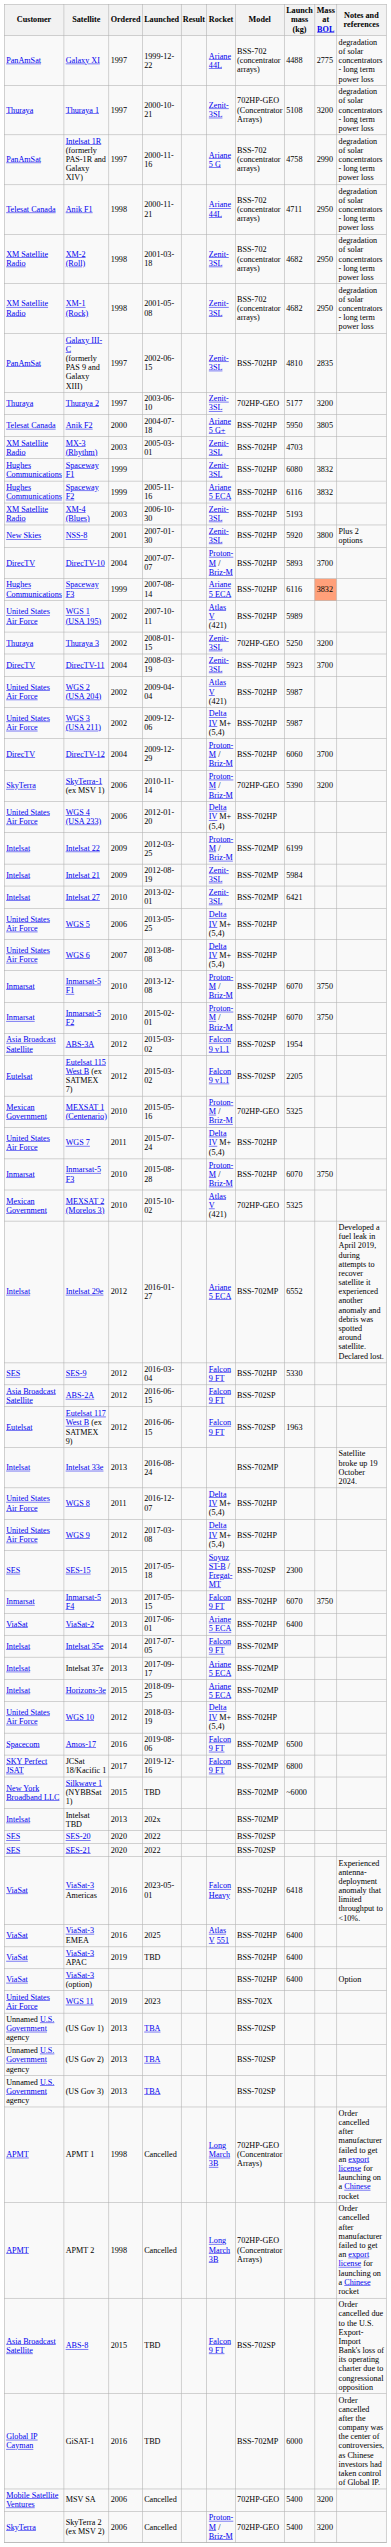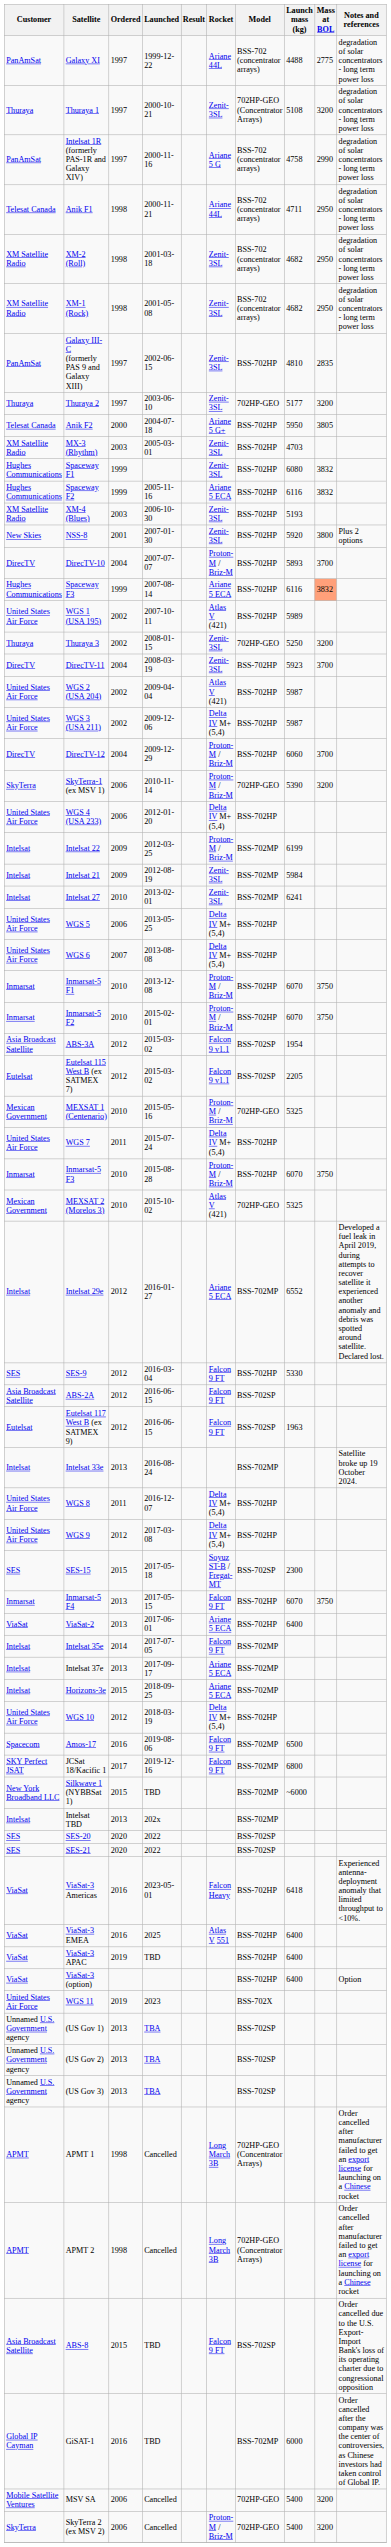 <table class="wikitable sortable mw-collapsible mw-collapsed">
 <tr>
 <th>Customer</th>
 <th>Satellite</th>
 <th>Ordered</th>
 <th>Launched</th>
 <th>Result</th>
 <th>Rocket</th>
 <th>Model</th>
 <th>Launch mass (kg)</th>
 <th>Mass at <a href='#'>BOL</a></th>
 <th>Notes and references</th>
 </tr>
 <tr>
 <td><a href='#'>PanAmSat</a></td>
 <td><a href='#'>Galaxy XI</a></td>
 <td>1997</td>
 <td>1999-12-22</td>
 <td></td>
 <td><a href='#'>Ariane 44L</a></td>
 <td>BSS-702 (concentrator arrays)</td>
 <td>4488</td>
 <td>2775</td>
 <td>degradation of solar concentrators - long term power loss </td>
 </tr>
 <tr>
 <td><a href='#'>Thuraya</a></td>
 <td><a href='#'>Thuraya 1</a></td>
 <td>1997</td>
 <td>2000-10-21</td>
 <td></td>
 <td><a href='#'>Zenit-3SL</a></td>
 <td>702HP-GEO (Concentrator Arrays)</td>
 <td>5108</td>
 <td>3200</td>
 <td>degradation of solar concentrators - long term power loss</td>
 </tr>
 <tr>
 <td><a href='#'>PanAmSat</a></td>
 <td><a href='#'>Intelsat 1R</a><br>(formerly PAS-1R and Galaxy XIV)</td>
 <td>1997</td>
 <td>2000-11-16</td>
 <td></td>
 <td><a href='#'>Ariane 5 G</a></td>
 <td>BSS-702 (concentrator arrays)</td>
 <td>4758</td>
 <td>2990</td>
 <td>degradation of solar concentrators - long term power loss</td>
 </tr>
 <tr>
 <td><a href='#'>Telesat Canada</a></td>
 <td><a href='#'>Anik F1</a></td>
 <td>1998</td>
 <td>2000-11-21</td>
 <td></td>
 <td><a href='#'>Ariane 44L</a></td>
 <td>BSS-702 (concentrator arrays)</td>
 <td>4711</td>
 <td>2950</td>
 <td>degradation of solar concentrators - long term power loss</td>
 </tr>
 <tr>
 <td><a href='#'>XM Satellite Radio</a></td>
 <td><a href='#'>XM-2 (Roll)</a></td>
 <td>1998</td>
 <td>2001-03-18</td>
 <td></td>
 <td><a href='#'>Zenit-3SL</a></td>
 <td>BSS-702 (concentrator arrays)</td>
 <td>4682</td>
 <td>2950</td>
 <td>degradation of solar concentrators - long term power loss</td>
 </tr>
 <tr>
 <td><a href='#'>XM Satellite Radio</a></td>
 <td><a href='#'>XM-1 (Rock)</a></td>
 <td>1998</td>
 <td>2001-05-08</td>
 <td></td>
 <td><a href='#'>Zenit-3SL</a></td>
 <td>BSS-702 (concentrator arrays)</td>
 <td>4682</td>
 <td>2950</td>
 <td>degradation of solar concentrators - long term power loss</td>
 </tr>
 <tr>
 <td><a href='#'>PanAmSat</a></td>
 <td><a href='#'>Galaxy III-C</a><br>(formerly PAS 9 and Galaxy XIII)</td>
 <td>1997</td>
 <td>2002-06-15</td>
 <td></td>
 <td><a href='#'>Zenit-3SL</a></td>
 <td>BSS-702HP</td>
 <td>4810</td>
 <td>2835</td>
 <td></td>
 </tr>
 <tr>
 <td><a href='#'>Thuraya</a></td>
 <td><a href='#'>Thuraya 2</a></td>
 <td>1997</td>
 <td>2003-06-10</td>
 <td></td>
 <td><a href='#'>Zenit-3SL</a></td>
 <td>702HP-GEO</td>
 <td>5177</td>
 <td>3200</td>
 <td></td>
 </tr>
 <tr>
 <td><a href='#'>Telesat Canada</a></td>
 <td><a href='#'>Anik F2</a></td>
 <td>2000</td>
 <td>2004-07-18</td>
 <td></td>
 <td><a href='#'>Ariane 5 G+</a></td>
 <td>BSS-702HP</td>
 <td>5950</td>
 <td>3805</td>
 <td></td>
 </tr>
 <tr>
 <td><a href='#'>XM Satellite Radio</a></td>
 <td><a href='#'>MX-3 (Rhythm)</a></td>
 <td>2003</td>
 <td>2005-03-01</td>
 <td></td>
 <td><a href='#'>Zenit-3SL</a></td>
 <td>BSS-702HP</td>
 <td>4703</td>
 <td></td>
 <td></td>
 </tr>
 <tr>
 <td><a href='#'>Hughes Communications</a></td>
 <td><a href='#'>Spaceway F1</a></td>
 <td>1999</td>
 <td></td>
 <td></td>
 <td><a href='#'>Zenit-3SL</a></td>
 <td>BSS-702HP</td>
 <td>6080</td>
 <td>3832</td>
 <td></td>
 </tr>
 <tr>
 <td><a href='#'>Hughes Communications</a></td>
 <td><a href='#'>Spaceway F2</a></td>
 <td>1999</td>
 <td>2005-11-16</td>
 <td></td>
 <td><a href='#'>Ariane 5 ECA</a></td>
 <td>BSS-702HP</td>
 <td>6116</td>
 <td>3832</td>
 <td></td>
 </tr>
 <tr>
 <td><a href='#'>XM Satellite Radio</a></td>
 <td><a href='#'>XM-4 (Blues)</a></td>
 <td>2003</td>
 <td>2006-10-30</td>
 <td></td>
 <td><a href='#'>Zenit-3SL</a></td>
 <td>BSS-702HP</td>
 <td>5193</td>
 <td></td>
 <td></td>
 </tr>
 <tr>
 <td><a href='#'>New Skies</a></td>
 <td><a href='#'>NSS-8</a></td>
 <td>2001</td>
 <td>2007-01-30</td>
 <td></td>
 <td><a href='#'>Zenit-3SL</a></td>
 <td>BSS-702HP</td>
 <td>5920</td>
 <td>3800</td>
 <td>Plus 2 options</td>
 </tr>
 <tr>
 <td><a href='#'>DirecTV</a></td>
 <td><a href='#'>DirecTV-10</a></td>
 <td>2004</td>
 <td>2007-07-07</td>
 <td></td>
 <td><a href='#'>Proton-M</a> / <a href='#'>Briz-M</a></td>
 <td>BSS-702HP</td>
 <td>5893</td>
 <td>3700</td>
 <td></td>
 </tr>
 <tr>
 <td><a href='#'>Hughes Communications</a></td>
 <td><a href='#'>Spaceway F3</a></td>
 <td>1999</td>
 <td>2007-08-14</td>
 <td></td>
 <td><a href='#'>Ariane 5 ECA</a></td>
 <td>BSS-702HP</td>
 <td>6116</td>
 <td style="background: lightsalmon;">3832</td>
 <td></td>
 </tr>
 <tr>
 <td><a href='#'>United States Air Force</a></td>
 <td><a href='#'>WGS 1 (USA 195)</a></td>
 <td>2002</td>
 <td>2007-10-11</td>
 <td></td>
 <td><a href='#'>Atlas V</a> (421)</td>
 <td>BSS-702HP</td>
 <td>5989</td>
 <td></td>
 <td></td>
 </tr>
 <tr>
 <td><a href='#'>Thuraya</a></td>
 <td><a href='#'>Thuraya 3</a></td>
 <td>2002</td>
 <td>2008-01-15</td>
 <td></td>
 <td><a href='#'>Zenit-3SL</a></td>
 <td>702HP-GEO</td>
 <td>5250</td>
 <td>3200</td>
 <td></td>
 </tr>
 <tr>
 <td><a href='#'>DirecTV</a></td>
 <td><a href='#'>DirecTV-11</a></td>
 <td>2004</td>
 <td>2008-03-19</td>
 <td></td>
 <td><a href='#'>Zenit-3SL</a></td>
 <td>BSS-702HP</td>
 <td>5923</td>
 <td>3700</td>
 <td></td>
 </tr>
 <tr>
 <td><a href='#'>United States Air Force</a></td>
 <td><a href='#'>WGS 2 (USA 204)</a></td>
 <td>2002</td>
 <td>2009-04-04</td>
 <td></td>
 <td><a href='#'>Atlas V</a> (421)</td>
 <td>BSS-702HP</td>
 <td>5987</td>
 <td></td>
 <td></td>
 </tr>
 <tr>
 <td><a href='#'>United States Air Force</a></td>
 <td><a href='#'>WGS 3 (USA 211)</a></td>
 <td>2002</td>
 <td>2009-12-06</td>
 <td></td>
 <td><a href='#'>Delta IV</a> M+(5,4)</td>
 <td>BSS-702HP</td>
 <td>5987</td>
 <td></td>
 <td></td>
 </tr>
 <tr>
 <td><a href='#'>DirecTV</a></td>
 <td><a href='#'>DirecTV-12</a></td>
 <td>2004</td>
 <td>2009-12-29</td>
 <td></td>
 <td><a href='#'>Proton-M</a> / <a href='#'>Briz-M</a></td>
 <td>BSS-702HP</td>
 <td>6060</td>
 <td>3700</td>
 <td></td>
 </tr>
 <tr>
 <td><a href='#'>SkyTerra</a></td>
 <td><a href='#'>SkyTerra-1</a> (ex MSV 1)</td>
 <td>2006</td>
 <td>2010-11-14</td>
 <td></td>
 <td><a href='#'>Proton-M</a> / <a href='#'>Briz-M</a></td>
 <td>702HP-GEO</td>
 <td>5390</td>
 <td>3200</td>
 <td></td>
 </tr>
 <tr>
 <td><a href='#'>United States Air Force</a></td>
 <td><a href='#'>WGS 4 (USA 233)</a></td>
 <td>2006</td>
 <td>2012-01-20</td>
 <td></td>
 <td><a href='#'>Delta IV</a> M+(5,4)</td>
 <td>BSS-702HP</td>
 <td></td>
 <td></td>
 <td></td>
 </tr>
 <tr>
 <td><a href='#'>Intelsat</a></td>
 <td><a href='#'>Intelsat 22</a></td>
 <td>2009</td>
 <td>2012-03-25</td>
 <td></td>
 <td><a href='#'>Proton-M</a> / <a href='#'>Briz-M</a></td>
 <td>BSS-702MP</td>
 <td>6199</td>
 <td></td>
 <td></td>
 </tr>
 <tr>
 <td><a href='#'>Intelsat</a></td>
 <td><a href='#'>Intelsat 21</a></td>
 <td>2009</td>
 <td>2012-08-19</td>
 <td></td>
 <td><a href='#'>Zenit-3SL</a></td>
 <td>BSS-702MP</td>
 <td>5984</td>
 <td></td>
 <td></td>
 </tr>
 <tr>
 <td><a href='#'>Intelsat</a></td>
 <td><a href='#'>Intelsat 27</a></td>
 <td>2010</td>
 <td>2013-02-01</td>
 <td></td>
 <td><a href='#'>Zenit-3SL</a></td>
 <td>BSS-702MP</td>
-<td>6421</td>
+<td>6241</td>
 <td></td>
 <td></td>
 </tr>
 <tr>
 <td><a href='#'>United States Air Force</a></td>
 <td><a href='#'>WGS 5</a></td>
 <td>2006</td>
 <td>2013-05-25</td>
 <td></td>
 <td><a href='#'>Delta IV</a> M+(5,4)</td>
 <td>BSS-702HP</td>
 <td></td>
 <td></td>
 <td></td>
 </tr>
 <tr>
 <td><a href='#'>United States Air Force</a></td>
 <td><a href='#'>WGS 6</a></td>
 <td>2007</td>
 <td>2013-08-08</td>
 <td></td>
 <td><a href='#'>Delta IV</a> M+(5,4)</td>
 <td>BSS-702HP</td>
 <td></td>
 <td></td>
 <td></td>
 </tr>
 <tr>
 <td><a href='#'>Inmarsat</a></td>
 <td><a href='#'>Inmarsat-5 F1</a></td>
 <td>2010</td>
 <td>2013-12-08</td>
 <td></td>
 <td><a href='#'>Proton-M</a> / <a href='#'>Briz-M</a></td>
 <td>BSS-702HP</td>
 <td>6070</td>
 <td>3750</td>
 <td></td>
 </tr>
 <tr>
 <td><a href='#'>Inmarsat</a></td>
 <td><a href='#'>Inmarsat-5 F2</a></td>
 <td>2010</td>
 <td>2015-02-01</td>
 <td></td>
 <td><a href='#'>Proton-M</a> / <a href='#'>Briz-M</a></td>
 <td>BSS-702HP</td>
 <td>6070</td>
 <td>3750</td>
 <td></td>
 </tr>
 <tr>
 <td><a href='#'>Asia Broadcast Satellite</a></td>
 <td><a href='#'>ABS-3A</a></td>
 <td>2012</td>
 <td>2015-03-02</td>
 <td></td>
 <td><a href='#'>Falcon 9 v1.1</a></td>
 <td>BSS-702SP</td>
 <td>1954</td>
 <td></td>
 <td></td>
 </tr>
 <tr>
 <td><a href='#'>Eutelsat</a></td>
 <td><a href='#'>Eutelsat 115 West B</a> (ex SATMEX 7)</td>
 <td>2012</td>
 <td>2015-03-02</td>
 <td></td>
 <td><a href='#'>Falcon 9 v1.1</a></td>
 <td>BSS-702SP</td>
 <td>2205</td>
 <td></td>
 <td></td>
 </tr>
 <tr>
 <td><a href='#'>Mexican Government</a></td>
 <td><a href='#'>MEXSAT 1 (Centenario)</a></td>
 <td>2010</td>
 <td>2015-05-16</td>
 <td></td>
 <td><a href='#'>Proton-M</a> / <a href='#'>Briz-M</a></td>
 <td>702HP-GEO</td>
 <td>5325</td>
 <td></td>
 <td></td>
 </tr>
 <tr>
 <td><a href='#'>United States Air Force</a></td>
 <td><a href='#'>WGS 7</a></td>
 <td>2011</td>
 <td>2015-07-24</td>
 <td></td>
 <td><a href='#'>Delta IV</a> M+(5,4)</td>
 <td>BSS-702HP</td>
 <td></td>
 <td></td>
 <td></td>
 </tr>
 <tr>
 <td><a href='#'>Inmarsat</a></td>
 <td><a href='#'>Inmarsat-5 F3</a></td>
 <td>2010</td>
 <td>2015-08-28</td>
 <td></td>
 <td><a href='#'>Proton-M</a> / <a href='#'>Briz-M</a></td>
 <td>BSS-702HP</td>
 <td>6070</td>
 <td>3750</td>
 <td></td>
 </tr>
 <tr>
 <td><a href='#'>Mexican Government</a></td>
 <td><a href='#'>MEXSAT 2 (Morelos 3)</a></td>
 <td>2010</td>
 <td>2015-10-02</td>
 <td></td>
 <td><a href='#'>Atlas V</a> (421)</td>
 <td>702HP-GEO</td>
 <td>5325</td>
 <td></td>
 <td></td>
 </tr>
 <tr>
 <td><a href='#'>Intelsat</a></td>
 <td><a href='#'>Intelsat 29e</a></td>
 <td>2012</td>
 <td>2016-01-27</td>
 <td></td>
 <td><a href='#'>Ariane 5 ECA</a></td>
 <td>BSS-702MP</td>
 <td>6552</td>
 <td></td>
 <td>Developed a fuel leak in April 2019, during attempts to recover satellite it experienced another anomaly and debris was spotted around satellite. Declared lost.</td>
 </tr>
 <tr>
 <td><a href='#'>SES</a></td>
 <td><a href='#'>SES-9</a></td>
 <td>2012</td>
 <td>2016-03-04</td>
 <td></td>
 <td><a href='#'>Falcon 9 FT</a></td>
 <td>BSS-702HP</td>
 <td>5330</td>
 <td></td>
 <td></td>
 </tr>
 <tr>
 <td><a href='#'>Asia Broadcast Satellite</a></td>
 <td><a href='#'>ABS-2A</a></td>
 <td>2012</td>
 <td>2016-06-15</td>
 <td></td>
 <td><a href='#'>Falcon 9 FT</a></td>
 <td>BSS-702SP</td>
 <td></td>
 <td></td>
 <td></td>
 </tr>
 <tr>
 <td><a href='#'>Eutelsat</a></td>
 <td><a href='#'>Eutelsat 117 West B</a> (ex SATMEX 9)</td>
 <td>2012</td>
 <td>2016-06-15</td>
 <td></td>
 <td><a href='#'>Falcon 9 FT</a></td>
 <td>BSS-702SP</td>
 <td>1963</td>
 <td></td>
 <td></td>
 </tr>
 <tr>
 <td><a href='#'>Intelsat</a></td>
 <td><a href='#'>Intelsat 33e</a></td>
 <td>2013</td>
 <td>2016-08-24</td>
 <td></td>
 <td></td>
 <td>BSS-702MP</td>
 <td></td>
 <td></td>
 <td>Satellite broke up 19 October 2024.</td>
 </tr>
 <tr>
 <td><a href='#'>United States Air Force</a></td>
 <td><a href='#'>WGS 8</a></td>
 <td>2011</td>
 <td>2016-12-07</td>
 <td></td>
 <td><a href='#'>Delta IV</a> M+(5,4)</td>
 <td>BSS-702HP</td>
 <td></td>
 <td></td>
 <td></td>
 </tr>
 <tr>
 <td><a href='#'>United States Air Force</a></td>
 <td><a href='#'>WGS 9</a></td>
 <td>2012</td>
 <td>2017-03-08</td>
 <td></td>
 <td><a href='#'>Delta IV</a> M+(5,4)</td>
 <td>BSS-702HP</td>
 <td></td>
 <td></td>
 <td></td>
 </tr>
 <tr>
 <td><a href='#'>SES</a></td>
 <td><a href='#'>SES-15</a></td>
 <td>2015</td>
 <td>2017-05-18</td>
 <td></td>
 <td><a href='#'>Soyuz ST-B</a> / <a href='#'>Fregat-MT</a></td>
 <td>BSS-702SP</td>
 <td>2300</td>
 <td></td>
 <td></td>
 </tr>
 <tr>
 <td><a href='#'>Inmarsat</a></td>
 <td><a href='#'>Inmarsat-5 F4</a></td>
 <td>2013</td>
 <td>2017-05-15</td>
 <td></td>
 <td><a href='#'>Falcon 9 FT</a></td>
 <td>BSS-702HP</td>
 <td>6070</td>
 <td>3750</td>
 <td></td>
 </tr>
 <tr>
 <td><a href='#'>ViaSat</a></td>
 <td><a href='#'>ViaSat-2</a></td>
 <td>2013</td>
 <td>2017-06-01</td>
 <td></td>
 <td><a href='#'>Ariane 5 ECA</a></td>
 <td>BSS-702HP</td>
 <td>6400</td>
 <td></td>
 <td></td>
 </tr>
 <tr>
 <td><a href='#'>Intelsat</a></td>
 <td><a href='#'>Intelsat 35e</a></td>
 <td>2014</td>
 <td>2017-07-05</td>
 <td></td>
 <td><a href='#'>Falcon 9 FT</a></td>
 <td>BSS-702MP</td>
 <td></td>
 <td></td>
 <td></td>
 </tr>
 <tr>
 <td><a href='#'>Intelsat</a></td>
 <td>Intelsat 37e</td>
 <td>2013</td>
 <td>2017-09-17</td>
 <td></td>
 <td><a href='#'>Ariane 5 ECA</a></td>
 <td>BSS-702MP</td>
 <td></td>
 <td></td>
 <td></td>
 </tr>
 <tr>
 <td><a href='#'>Intelsat</a></td>
 <td><a href='#'>Horizons-3e</a></td>
 <td>2015</td>
 <td>2018-09-25</td>
 <td></td>
 <td><a href='#'>Ariane 5 ECA</a></td>
 <td>BSS-702MP</td>
 <td></td>
 <td></td>
 <td></td>
 </tr>
 <tr>
 <td><a href='#'>United States Air Force</a></td>
 <td><a href='#'>WGS 10</a></td>
 <td>2012</td>
 <td>2018-03-19</td>
 <td></td>
 <td><a href='#'>Delta IV</a> M+(5,4)</td>
 <td>BSS-702HP</td>
 <td></td>
 <td></td>
 <td></td>
 </tr>
 <tr>
 <td><a href='#'>Spacecom</a></td>
 <td><a href='#'>Amos-17</a></td>
 <td>2016</td>
 <td>2019-08-06</td>
 <td></td>
 <td><a href='#'>Falcon 9 FT</a></td>
 <td>BSS-702MP</td>
 <td>6500</td>
 <td></td>
 <td></td>
 </tr>
 <tr>
 <td><a href='#'>SKY Perfect JSAT</a></td>
 <td>JCSat 18/Kacific 1</td>
 <td>2017</td>
 <td>2019-12-16</td>
 <td></td>
 <td><a href='#'>Falcon 9 FT</a></td>
 <td>BSS-702MP</td>
 <td>6800</td>
 <td></td>
 <td></td>
 </tr>
 <tr>
 <td><a href='#'>New York Broadband LLC</a></td>
 <td><a href='#'>Silkwave 1</a> (NYBBSat 1)</td>
 <td>2015</td>
 <td>TBD</td>
 <td></td>
 <td></td>
 <td>BSS-702MP</td>
 <td>~6000</td>
 <td></td>
 <td></td>
 </tr>
 <tr>
 <td><a href='#'>Intelsat</a></td>
 <td>Intelsat TBD</td>
 <td>2013</td>
 <td>202x</td>
 <td></td>
 <td></td>
 <td>BSS-702MP</td>
 <td></td>
 <td></td>
 <td></td>
 </tr>
 <tr>
 <td><a href='#'>SES</a></td>
 <td><a href='#'>SES-20</a></td>
 <td>2020</td>
 <td>2022</td>
 <td></td>
 <td></td>
 <td>BSS-702SP</td>
 <td></td>
 <td></td>
 <td></td>
 </tr>
 <tr>
 <td><a href='#'>SES</a></td>
 <td><a href='#'>SES-21</a></td>
 <td>2020</td>
 <td>2022</td>
 <td></td>
 <td></td>
 <td>BSS-702SP</td>
 <td></td>
 <td></td>
 <td></td>
 </tr>
 <tr>
 <td><a href='#'>ViaSat</a></td>
 <td><a href='#'>ViaSat-3</a> Americas</td>
 <td>2016</td>
 <td>2023-05-01</td>
 <td></td>
 <td><a href='#'>Falcon Heavy</a></td>
 <td>BSS-702HP</td>
 <td>6418</td>
 <td></td>
 <td>Experienced antenna-deployment anomaly that limited throughput to <10%.</td>
 </tr>
 <tr>
 <td><a href='#'>ViaSat</a></td>
 <td><a href='#'>ViaSat-3</a> EMEA</td>
 <td>2016</td>
 <td>2025</td>
 <td></td>
 <td><a href='#'>Atlas V</a> <a href='#'>551</a></td>
 <td>BSS-702HP</td>
 <td>6400</td>
 <td></td>
 <td></td>
 </tr>
 <tr>
 <td><a href='#'>ViaSat</a></td>
 <td><a href='#'>ViaSat-3</a> APAC</td>
 <td>2019</td>
 <td>TBD</td>
 <td></td>
 <td></td>
 <td>BSS-702HP</td>
 <td>6400</td>
 <td></td>
 <td></td>
 </tr>
 <tr>
 <td><a href='#'>ViaSat</a></td>
 <td><a href='#'>ViaSat-3</a> (option)</td>
 <td></td>
 <td></td>
 <td></td>
 <td></td>
 <td>BSS-702HP</td>
 <td>6400</td>
 <td></td>
 <td>Option</td>
 </tr>
 <tr>
 <td><a href='#'>United States Air Force</a></td>
 <td><a href='#'>WGS 11</a></td>
 <td>2019</td>
 <td>2023</td>
 <td></td>
 <td></td>
 <td>BSS-702X</td>
 <td></td>
 <td></td>
 <td></td>
 </tr>
 <tr>
 <td>Unnamed <a href='#'>U.S. Government</a> agency</td>
 <td>(US Gov 1)</td>
 <td>2013</td>
 <td><a href='#'>TBA</a></td>
 <td></td>
 <td></td>
 <td>BSS-702SP</td>
 <td></td>
 <td></td>
 <td></td>
 </tr>
 <tr>
 <td>Unnamed <a href='#'>U.S. Government</a> agency</td>
 <td>(US Gov 2)</td>
 <td>2013</td>
 <td><a href='#'>TBA</a></td>
 <td></td>
 <td></td>
 <td>BSS-702SP</td>
 <td></td>
 <td></td>
 <td></td>
 </tr>
 <tr>
 <td>Unnamed <a href='#'>U.S. Government</a> agency</td>
 <td>(US Gov 3)</td>
 <td>2013</td>
 <td><a href='#'>TBA</a></td>
 <td></td>
 <td></td>
 <td>BSS-702SP</td>
 <td></td>
 <td></td>
 <td></td>
 </tr>
 <tr>
 <td><a href='#'>APMT</a></td>
 <td>APMT 1</td>
 <td>1998</td>
 <td>Cancelled</td>
 <td></td>
 <td><a href='#'>Long March 3B</a></td>
 <td>702HP-GEO (Concentrator Arrays)</td>
 <td></td>
 <td></td>
 <td>Order cancelled after manufacturer failed to get an <a href='#'>export license</a> for launching on a <a href='#'>Chinese</a> rocket </td>
 </tr>
 <tr>
 <td><a href='#'>APMT</a></td>
 <td>APMT 2</td>
 <td>1998</td>
 <td>Cancelled</td>
 <td></td>
 <td><a href='#'>Long March 3B</a></td>
 <td>702HP-GEO (Concentrator Arrays)</td>
 <td></td>
 <td></td>
 <td>Order cancelled after manufacturer failed to get an <a href='#'>export license</a> for launching on a <a href='#'>Chinese</a> rocket </td>
 </tr>
 <tr>
 <td><a href='#'>Asia Broadcast Satellite</a></td>
 <td><a href='#'>ABS-8</a></td>
 <td>2015</td>
 <td>TBD</td>
 <td></td>
 <td><a href='#'>Falcon 9 FT</a></td>
 <td>BSS-702SP</td>
 <td></td>
 <td></td>
 <td>Order cancelled due to the U.S. Export-Import Bank's loss of its operating charter due to congressional opposition</td>
 </tr>
 <tr>
 <td><a href='#'>Global IP Cayman</a></td>
 <td>GiSAT-1</td>
 <td>2016</td>
 <td>TBD</td>
 <td></td>
 <td></td>
 <td>BSS-702MP</td>
 <td>6000</td>
 <td></td>
 <td>Order cancelled after the company was the center of controversies, as Chinese investors had taken control of Global IP.</td>
 </tr>
 <tr>
 <td><a href='#'>Mobile Satellite Ventures</a></td>
 <td>MSV SA</td>
 <td>2006</td>
 <td>Cancelled</td>
 <td></td>
 <td></td>
 <td>702HP-GEO</td>
 <td>5400</td>
 <td>3200</td>
 <td></td>
 </tr>
 <tr>
 <td><a href='#'>SkyTerra</a></td>
 <td>SkyTerra 2 (ex MSV 2)</td>
 <td>2006</td>
 <td>Cancelled</td>
 <td></td>
 <td><a href='#'>Proton-M</a> / <a href='#'>Briz-M</a></td>
 <td>702HP-GEO</td>
 <td>5400</td>
 <td>3200</td>
 <td></td>
 </tr>
 <tr>
 </tr>
 </table>
